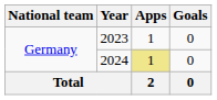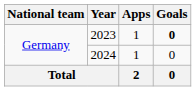 <table class="wikitable" style="text-align:center">
 <tr>
 <th>National team</th>
 <th>Year</th>
 <th>Apps</th>
 <th>Goals</th>
 </tr>
 <tr>
 <td rowspan=2><a href='#'>Germany</a></td>
 <td>2023</td>
 <td>1</td>
-<td>0</td>
+<td><strong>0</strong></td>
 </tr>
 <tr>
 <td>2024</td>
-<td style="background: khaki;">1</td>
+<td>1</td>
 <td>0</td>
 </tr>
 <tr>
 <th colspan="2">Total</th>
 <th>2</th>
 <th>0</th>
 </tr>
 </table>
